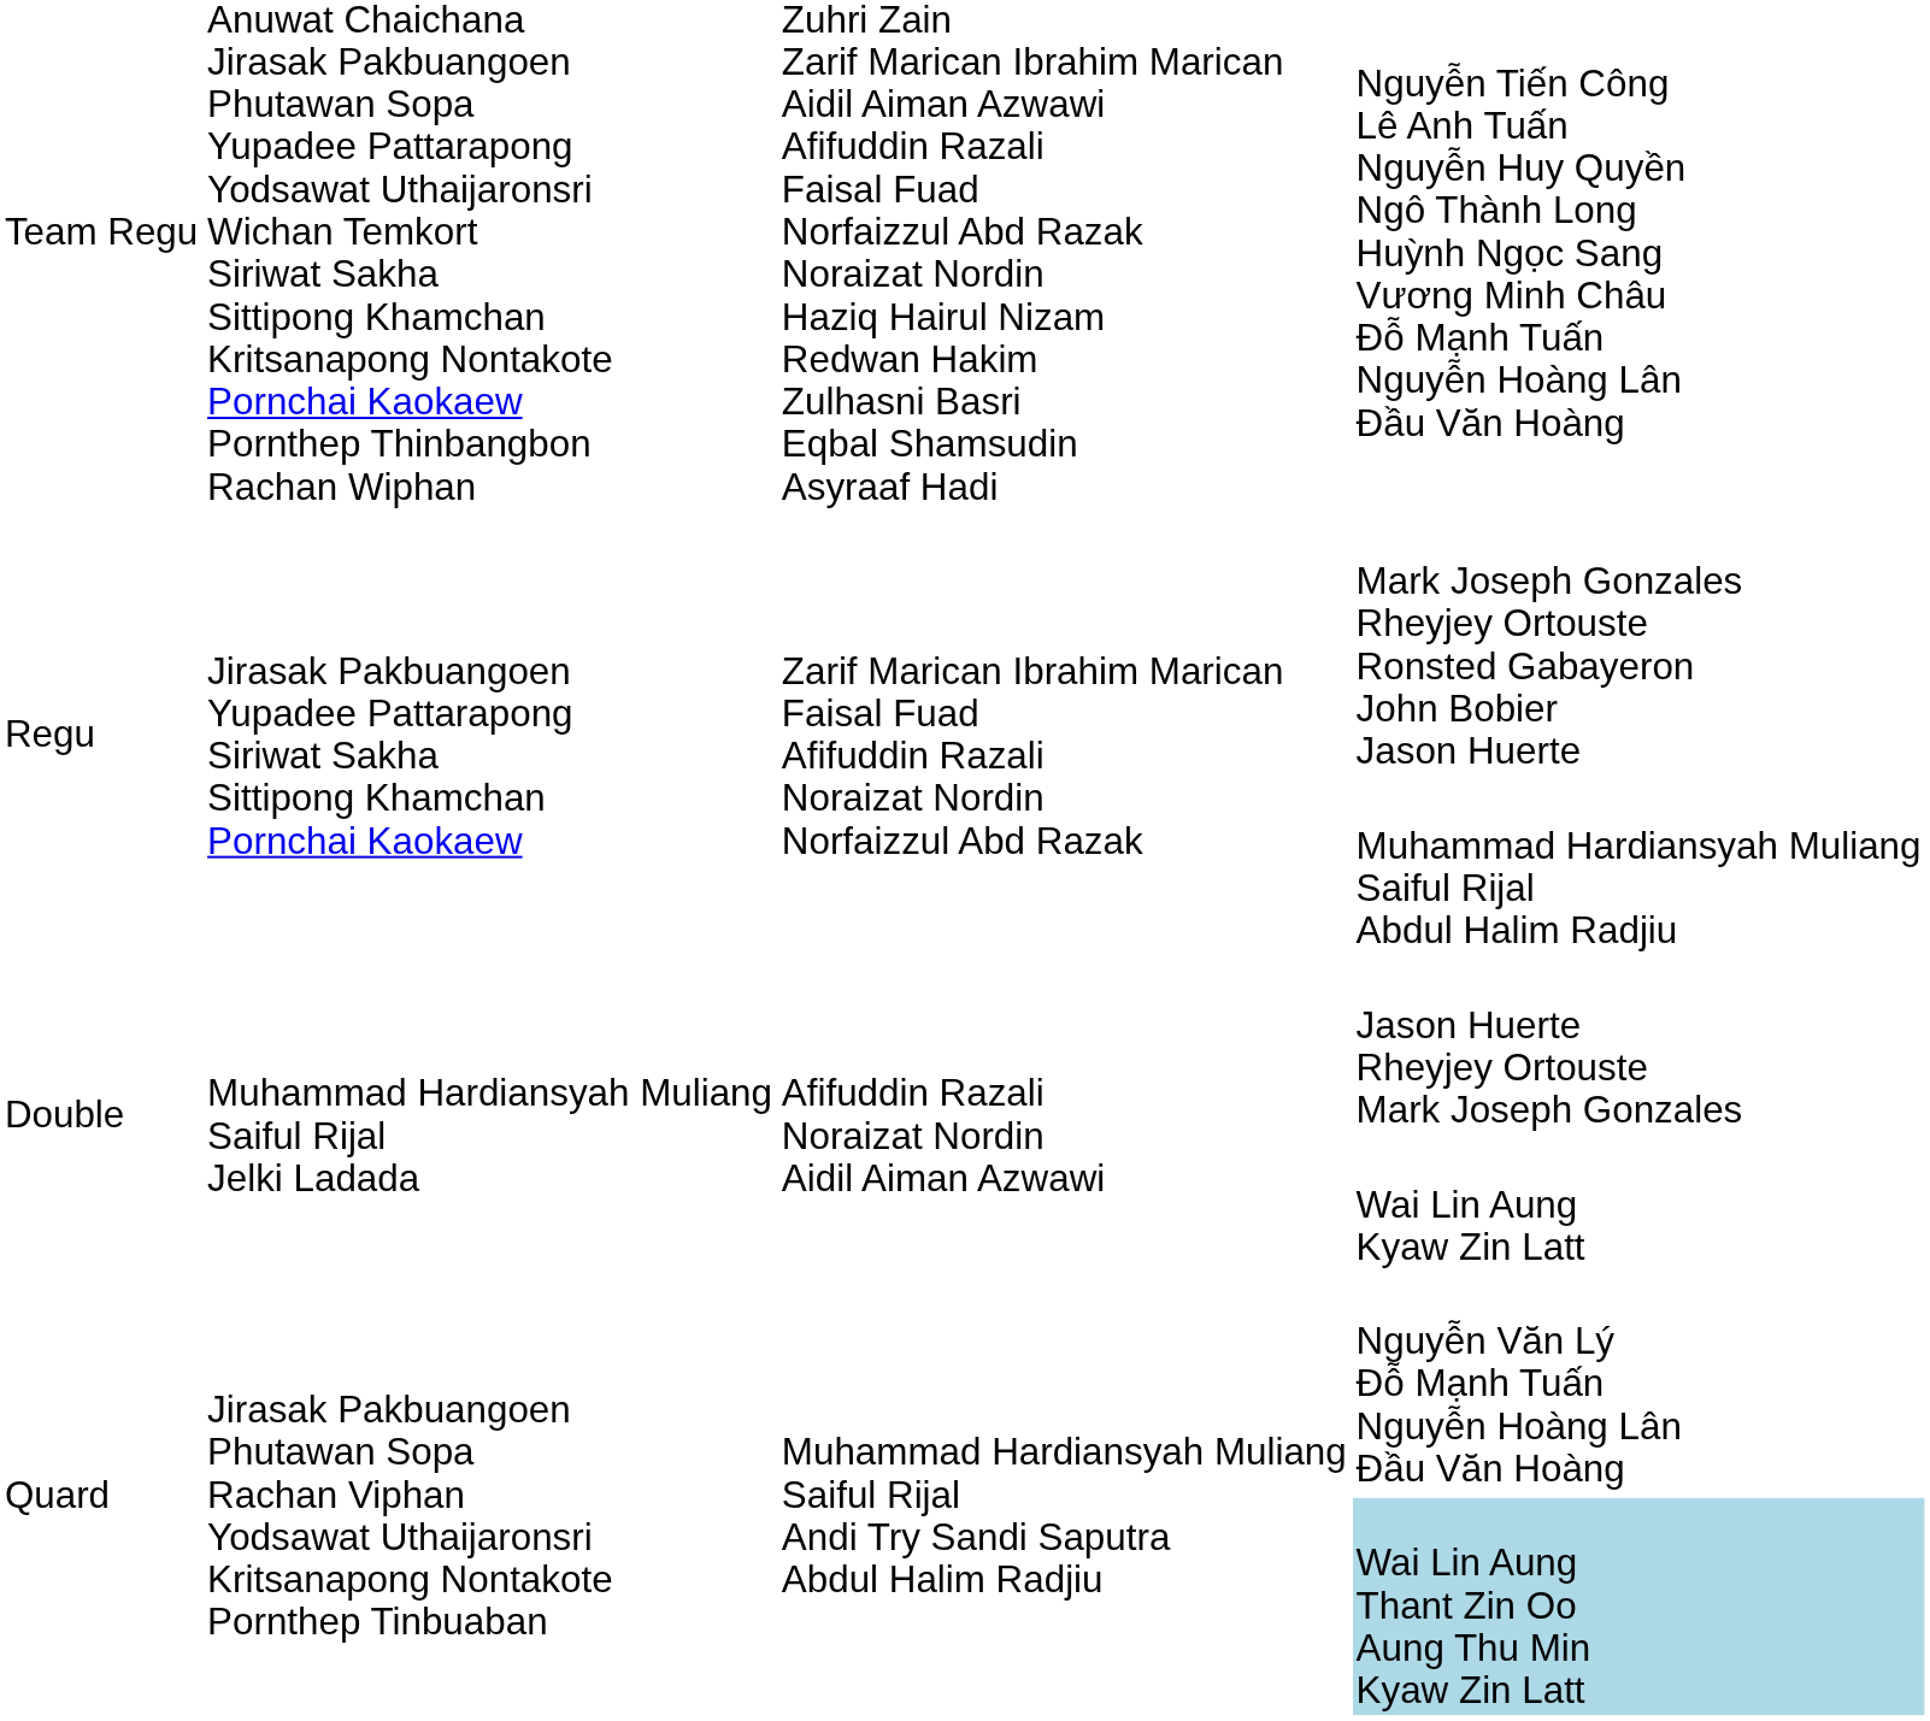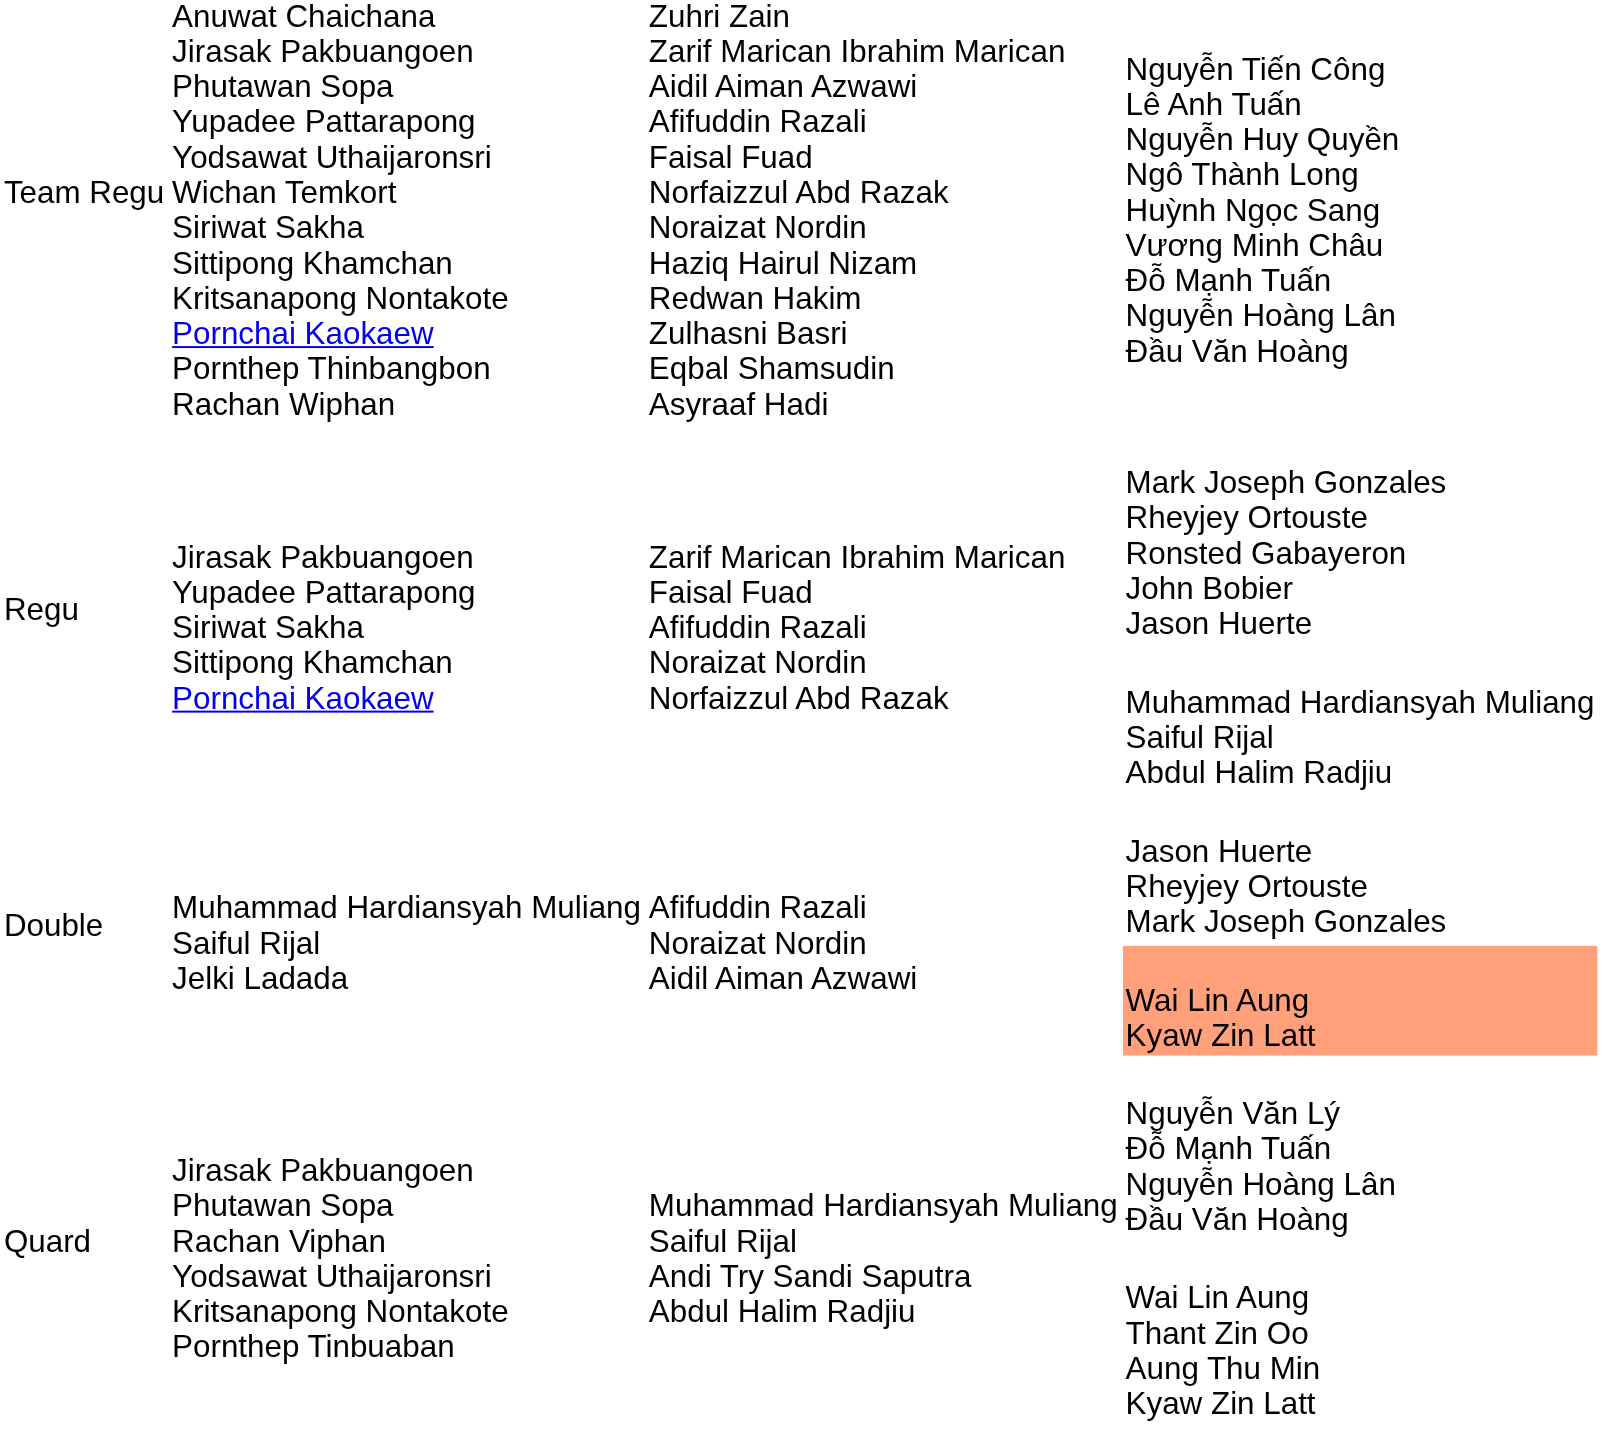 <table>
 <tr>
 <td>Team Regu</td>
 <td><br>Anuwat Chaichana<br>Jirasak Pakbuangoen<br>Phutawan Sopa<br>Yupadee Pattarapong<br>Yodsawat Uthaijaronsri<br>Wichan Temkort<br>Siriwat Sakha<br>Sittipong Khamchan<br>Kritsanapong Nontakote<br><a href='#'>Pornchai Kaokaew</a><br>Pornthep Thinbangbon<br>Rachan Wiphan</td>
 <td><br>Zuhri Zain<br>Zarif Marican Ibrahim Marican<br>Aidil Aiman Azwawi<br>Afifuddin Razali<br>Faisal Fuad<br>Norfaizzul Abd Razak<br>Noraizat Nordin<br>Haziq Hairul Nizam<br>Redwan Hakim<br>Zulhasni Basri<br>Eqbal Shamsudin<br>Asyraaf Hadi</td>
 <td><br>Nguyễn Tiến Công<br>Lê Anh Tuấn<br>Nguyễn Huy Quyền<br>Ngô Thành Long<br>Huỳnh Ngọc Sang<br>Vương Minh Châu<br>Đỗ Mạnh Tuấn<br>Nguyễn Hoàng Lân<br>Đầu Văn Hoàng</td>
 </tr>
 <tr>
 <td rowspan=2>Regu</td>
 <td rowspan=2><br>Jirasak Pakbuangoen<br>Yupadee Pattarapong<br>Siriwat Sakha<br>Sittipong Khamchan<br><a href='#'>Pornchai Kaokaew</a></td>
 <td rowspan=2><br>Zarif Marican Ibrahim Marican<br>Faisal Fuad<br>Afifuddin Razali<br>Noraizat Nordin<br>Norfaizzul Abd Razak</td>
 <td><br> Mark Joseph Gonzales<br>Rheyjey Ortouste<br>Ronsted Gabayeron<br>John Bobier<br>Jason Huerte</td>
 </tr>
 <tr>
 <td><br> Muhammad Hardiansyah Muliang<br>Saiful Rijal<br>Abdul Halim Radjiu</td>
 </tr>
 <tr>
 <td rowspan=2>Double</td>
 <td rowspan=2 nowrap=yes><br> Muhammad Hardiansyah Muliang<br>Saiful Rijal<br>Jelki Ladada</td>
 <td rowspan=2><br> Afifuddin Razali<br>Noraizat Nordin<br>Aidil Aiman Azwawi</td>
 <td><br> Jason Huerte<br>Rheyjey Ortouste<br>Mark Joseph Gonzales</td>
 </tr>
 <tr>
-<td><br> Wai Lin Aung<br>Kyaw Zin Latt</td>
+<td style="background: lightsalmon;"><br> Wai Lin Aung<br>Kyaw Zin Latt</td>
 </tr>
 <tr>
 <td rowspan=2>Quard</td>
 <td rowspan=2><br>Jirasak Pakbuangoen<br>Phutawan Sopa<br>Rachan Viphan<br>Yodsawat Uthaijaronsri<br>Kritsanapong Nontakote<br>Pornthep Tinbuaban</td>
 <td rowspan=2 nowrap=yes><br> Muhammad Hardiansyah Muliang<br>Saiful Rijal<br>Andi Try Sandi Saputra<br>Abdul Halim Radjiu</td>
 <td><br> Nguyễn Văn Lý<br>Đỗ Mạnh Tuấn<br>Nguyễn Hoàng Lân<br>Đầu Văn Hoàng</td>
 </tr>
 <tr>
-<td style="background: lightblue;"><br> Wai Lin Aung<br>Thant Zin Oo<br>Aung Thu Min<br>Kyaw Zin Latt</td>
+<td><br> Wai Lin Aung<br>Thant Zin Oo<br>Aung Thu Min<br>Kyaw Zin Latt</td>
 </tr>
 </table>
